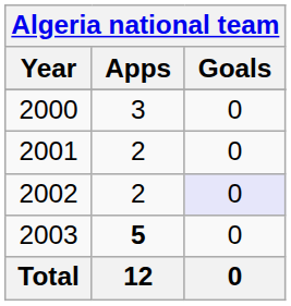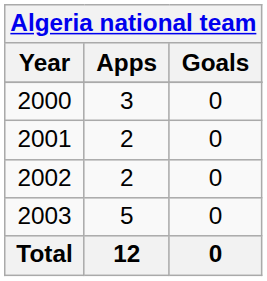 <table class="wikitable" style="text-align:center">
 <tr>
 <th colspan=3><a href='#'>Algeria national team</a></th>
 </tr>
 <tr>
 <th>Year</th>
 <th>Apps</th>
 <th>Goals</th>
 </tr>
 <tr>
 </tr>
 <tr>
 <td>2000</td>
 <td>3</td>
 <td>0</td>
 </tr>
 <tr>
 <td>2001</td>
 <td>2</td>
 <td>0</td>
 </tr>
 <tr>
 <td>2002</td>
 <td>2</td>
-<td style="background: lavender;">0</td>
+<td>0</td>
 </tr>
 <tr>
 <td>2003</td>
-<td><strong>5</strong></td>
+<td>5</td>
 <td>0</td>
 </tr>
 <tr>
 <th>Total</th>
 <th>12</th>
 <th>0</th>
 </tr>
 </table>
